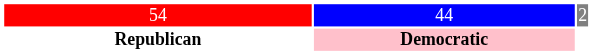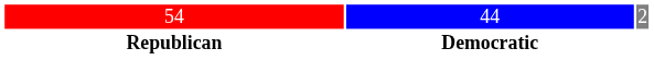 <table style="width:60%; text-align:center;">
 <tr style="color:white;">
 <td style="background:red; width:53.0%;">54</td>
 <td style="background:blue; width:45.0%;">44</td>
 <td style="background:grey; width:2.0%;">2</td>
 </tr>
 <tr>
 <td><span><strong>Republican</strong></span></td>
-<td style="background: pink;"><span><strong>Democratic</strong></span></td>
+<td><span><strong>Democratic</strong></span></td>
 </tr>
 </table>
